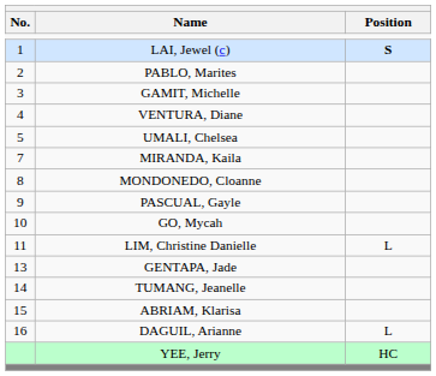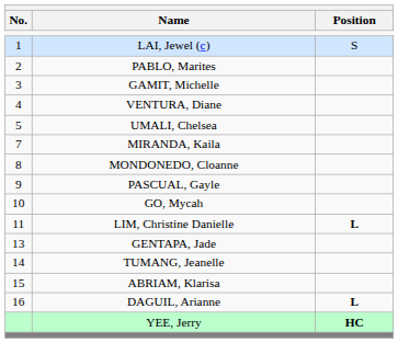 <table class='wikitable mw-collapsible mw-collapsed' style="text-align: center; width: 500px; border: none">
 <tr>
 <th style='text-align: left;' colspan=3></th>
 </tr>
 <tr>
 <th style='width: 7%;'>No.</th>
 <th>Name</th>
 <th style='width: 20%;'>Position</th>
 </tr>
 <tr>
 <td style='border: none;'></td>
 </tr>
 <tr bgcolor=#D0E6FF>
 <td>1</td>
 <td>LAI, Jewel (<a href='#'>c</a>)</td>
-<td><strong>S</strong></td>
+<td>S</td>
 </tr>
 <tr>
 <td>2</td>
 <td>PABLO, Marites</td>
 <td></td>
 </tr>
 <tr>
 <td>3</td>
 <td>GAMIT, Michelle</td>
 <td></td>
 </tr>
 <tr>
 <td>4</td>
 <td>VENTURA, Diane</td>
 <td></td>
 </tr>
 <tr>
 <td>5</td>
 <td>UMALI, Chelsea</td>
 <td></td>
 </tr>
 <tr>
 <td>7</td>
 <td>MIRANDA, Kaila</td>
 <td></td>
 </tr>
 <tr>
 <td>8</td>
 <td>MONDONEDO, Cloanne</td>
 <td></td>
 </tr>
 <tr>
 <td>9</td>
 <td>PASCUAL, Gayle</td>
 <td></td>
 </tr>
 <tr>
 <td>10</td>
 <td>GO, Mycah</td>
 <td></td>
 </tr>
 <tr>
 <td>11</td>
 <td>LIM, Christine Danielle</td>
-<td>L</td>
+<td><strong>L</strong></td>
 </tr>
 <tr>
 <td>13</td>
 <td>GENTAPA, Jade</td>
 <td></td>
 </tr>
 <tr>
 <td>14</td>
 <td>TUMANG, Jeanelle</td>
 <td></td>
 </tr>
 <tr>
 <td>15</td>
 <td>ABRIAM, Klarisa</td>
 <td></td>
 </tr>
 <tr>
 <td>16</td>
 <td>DAGUIL, Arianne</td>
-<td>L</td>
+<td><strong>L</strong></td>
 </tr>
 <tr bgcolor=#BBFFCC>
 <td></td>
 <td>YEE, Jerry</td>
-<td>HC</td>
+<td><strong>HC</strong></td>
 </tr>
 <tr>
 <th style='background: grey;' colspan=3></th>
 </tr>
 </table>
